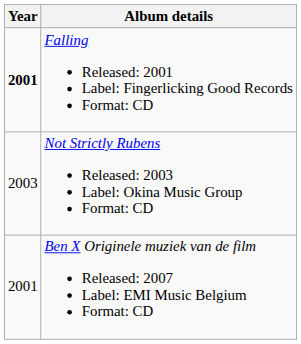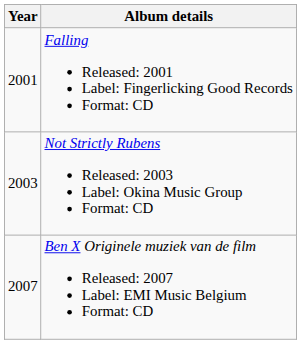 <table class="wikitable">
 <tr>
 <th>Year</th>
 <th>Album details</th>
 </tr>
 <tr>
-<td><strong>2001</strong></td>
+<td>2001</td>
 <td align="left"><em><a href='#'>Falling</a></em><br><ul><li>Released: 2001</li><li>Label: Fingerlicking Good Records</li><li>Format: CD</li></ul></td>
 </tr>
 <tr>
 <td>2003</td>
 <td align="left"><em><a href='#'>Not Strictly Rubens</a></em><br><ul><li>Released: 2003</li><li>Label: Okina Music Group</li><li>Format: CD</li></ul></td>
 </tr>
 <tr>
-<td>2001</td>
+<td>2007</td>
 <td align="left"><em><a href='#'>Ben X</a> Originele muziek van de film</em><br><ul><li>Released: 2007</li><li>Label: EMI Music Belgium</li><li>Format: CD</li></ul></td>
 </tr>
 </table>
